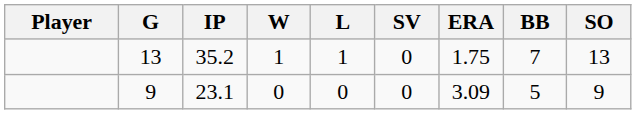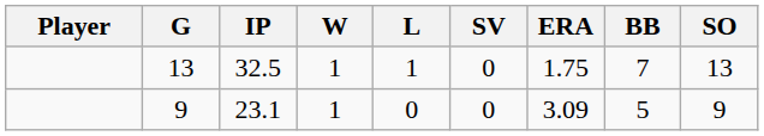 <table class="wikitable sortable">
 <tr>
 <th bgcolor="#DDDDFF" width="16%">Player</th>
 <th bgcolor="#DDDDFF" width="9%">G</th>
 <th bgcolor="#DDDDFF" width="9%">IP</th>
 <th bgcolor="#DDDDFF" width="9%">W</th>
 <th bgcolor="#DDDDFF" width="9%">L</th>
 <th bgcolor="#DDDDFF" width="9%">SV</th>
 <th bgcolor="#DDDDFF" width="9%">ERA</th>
 <th bgcolor="#DDDDFF" width="9%">BB</th>
 <th bgcolor="#DDDDFF" width="9%">SO</th>
 </tr>
 <tr align="center">
 <td></td>
 <td>13</td>
-<td>35.2</td>
+<td>32.5</td>
 <td>1</td>
 <td>1</td>
 <td>0</td>
 <td>1.75</td>
 <td>7</td>
 <td>13</td>
 </tr>
 <tr align="center">
 <td></td>
 <td>9</td>
 <td>23.1</td>
-<td>0</td>
+<td>1</td>
 <td>0</td>
 <td>0</td>
 <td>3.09</td>
 <td>5</td>
 <td>9</td>
 </tr>
 </table>
